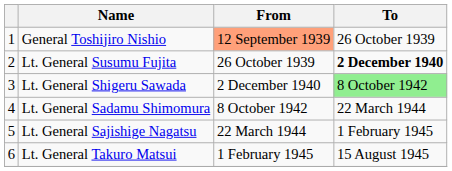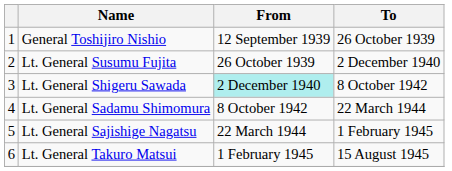 <table class=wikitable>
 <tr>
 <th></th>
 <th>Name</th>
 <th>From</th>
 <th>To</th>
 </tr>
 <tr>
 <td>1</td>
 <td>General <a href='#'>Toshijiro Nishio</a></td>
-<td style="background: lightsalmon;">12 September 1939</td>
+<td>12 September 1939</td>
 <td>26 October 1939</td>
 </tr>
 <tr>
 <td>2</td>
 <td>Lt. General <a href='#'>Susumu Fujita</a></td>
 <td>26 October 1939</td>
-<td><strong>2 December 1940</strong></td>
+<td>2 December 1940</td>
 </tr>
 <tr>
 <td>3</td>
 <td>Lt. General <a href='#'>Shigeru Sawada</a></td>
-<td>2 December 1940</td>
-<td style="background: lightgreen;">8 October 1942</td>
+<td style="background: paleturquoise;">2 December 1940</td>
+<td>8 October 1942</td>
 </tr>
 <tr>
 <td>4</td>
 <td>Lt. General <a href='#'>Sadamu Shimomura</a></td>
 <td>8 October 1942</td>
 <td>22 March 1944</td>
 </tr>
 <tr>
 <td>5</td>
 <td>Lt. General <a href='#'>Sajishige Nagatsu</a></td>
 <td>22 March 1944</td>
 <td>1 February 1945</td>
 </tr>
 <tr>
 <td>6</td>
 <td>Lt. General <a href='#'>Takuro Matsui</a></td>
 <td>1 February 1945</td>
 <td>15 August 1945</td>
 </tr>
 <tr>
 </tr>
 </table>
